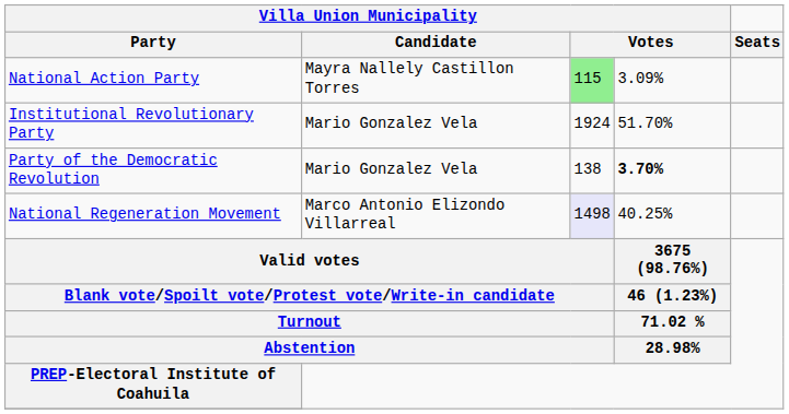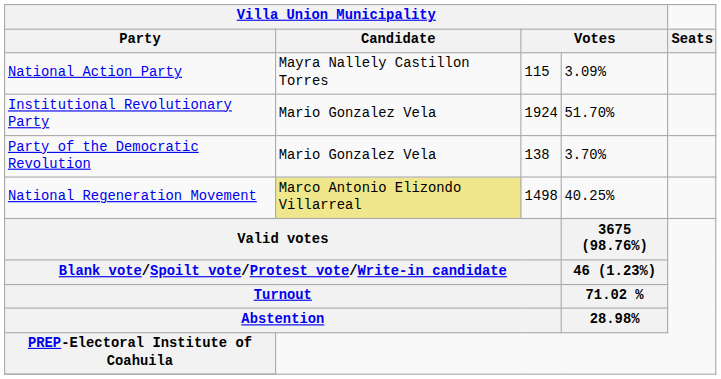 <table class="wikitable collapsible collapsed" style="font-size:95%; width:72%; line-height:126%; margin-bottom:0">
 <tr>
 <th Colspan = 4> <strong><a href='#'>Villa Union Municipality</a></strong></th>
 </tr>
 <tr style="background:#efefef;">
 <th Colspan = 1><strong>Party</strong></th>
 <th Colspan = 1><strong>Candidate</strong></th>
 <th Colspan = 2><strong>Votes</strong></th>
 <th Colspan = 1><strong>Seats</strong></th>
 </tr>
 <tr>
 <td> <a href='#'>National Action Party</a></td>
 <td>Mayra Nallely Castillon Torres</td>
-<td style="background: lightgreen;">115</td>
+<td>115</td>
 <td>3.09%</td>
 <td></td>
 </tr>
 <tr>
 <td> <a href='#'>Institutional Revolutionary Party</a></td>
 <td>Mario Gonzalez Vela</td>
 <td>1924</td>
 <td>51.70%</td>
 <td></td>
 </tr>
 <tr>
 <td> <a href='#'>Party of the Democratic Revolution</a></td>
 <td>Mario Gonzalez Vela</td>
 <td>138</td>
-<td><strong>3.70%</strong></td>
+<td>3.70%</td>
 <td></td>
 </tr>
 <tr>
 <td> <a href='#'>National Regeneration Movement</a></td>
-<td>Marco Antonio Elizondo Villarreal</td>
-<td style="background: lavender;">1498</td>
+<td style="background: khaki;">Marco Antonio Elizondo Villarreal</td>
+<td>1498</td>
 <td>40.25%</td>
 <td></td>
 </tr>
 <tr>
 <th Colspan = 3><strong>Valid votes</strong></th>
 <th>3675 (98.76%)</th>
 </tr>
 <tr>
 <th Colspan = 3><strong><a href='#'>Blank vote</a>/<a href='#'>Spoilt vote</a>/<a href='#'>Protest vote</a>/<a href='#'>Write-in candidate</a></strong></th>
 <th>46 (1.23%)</th>
 </tr>
 <tr>
 <th Colspan = 3><strong><a href='#'>Turnout</a></strong></th>
 <th>71.02 %</th>
 </tr>
 <tr>
 <th Colspan = 3><strong><a href='#'>Abstention</a></strong></th>
 <th>28.98%</th>
 </tr>
 <tr>
 <th Colspan =><a href='#'>PREP</a>-Electoral Institute of Coahuila </th>
 </tr>
 <tr>
 </tr>
 </table>
